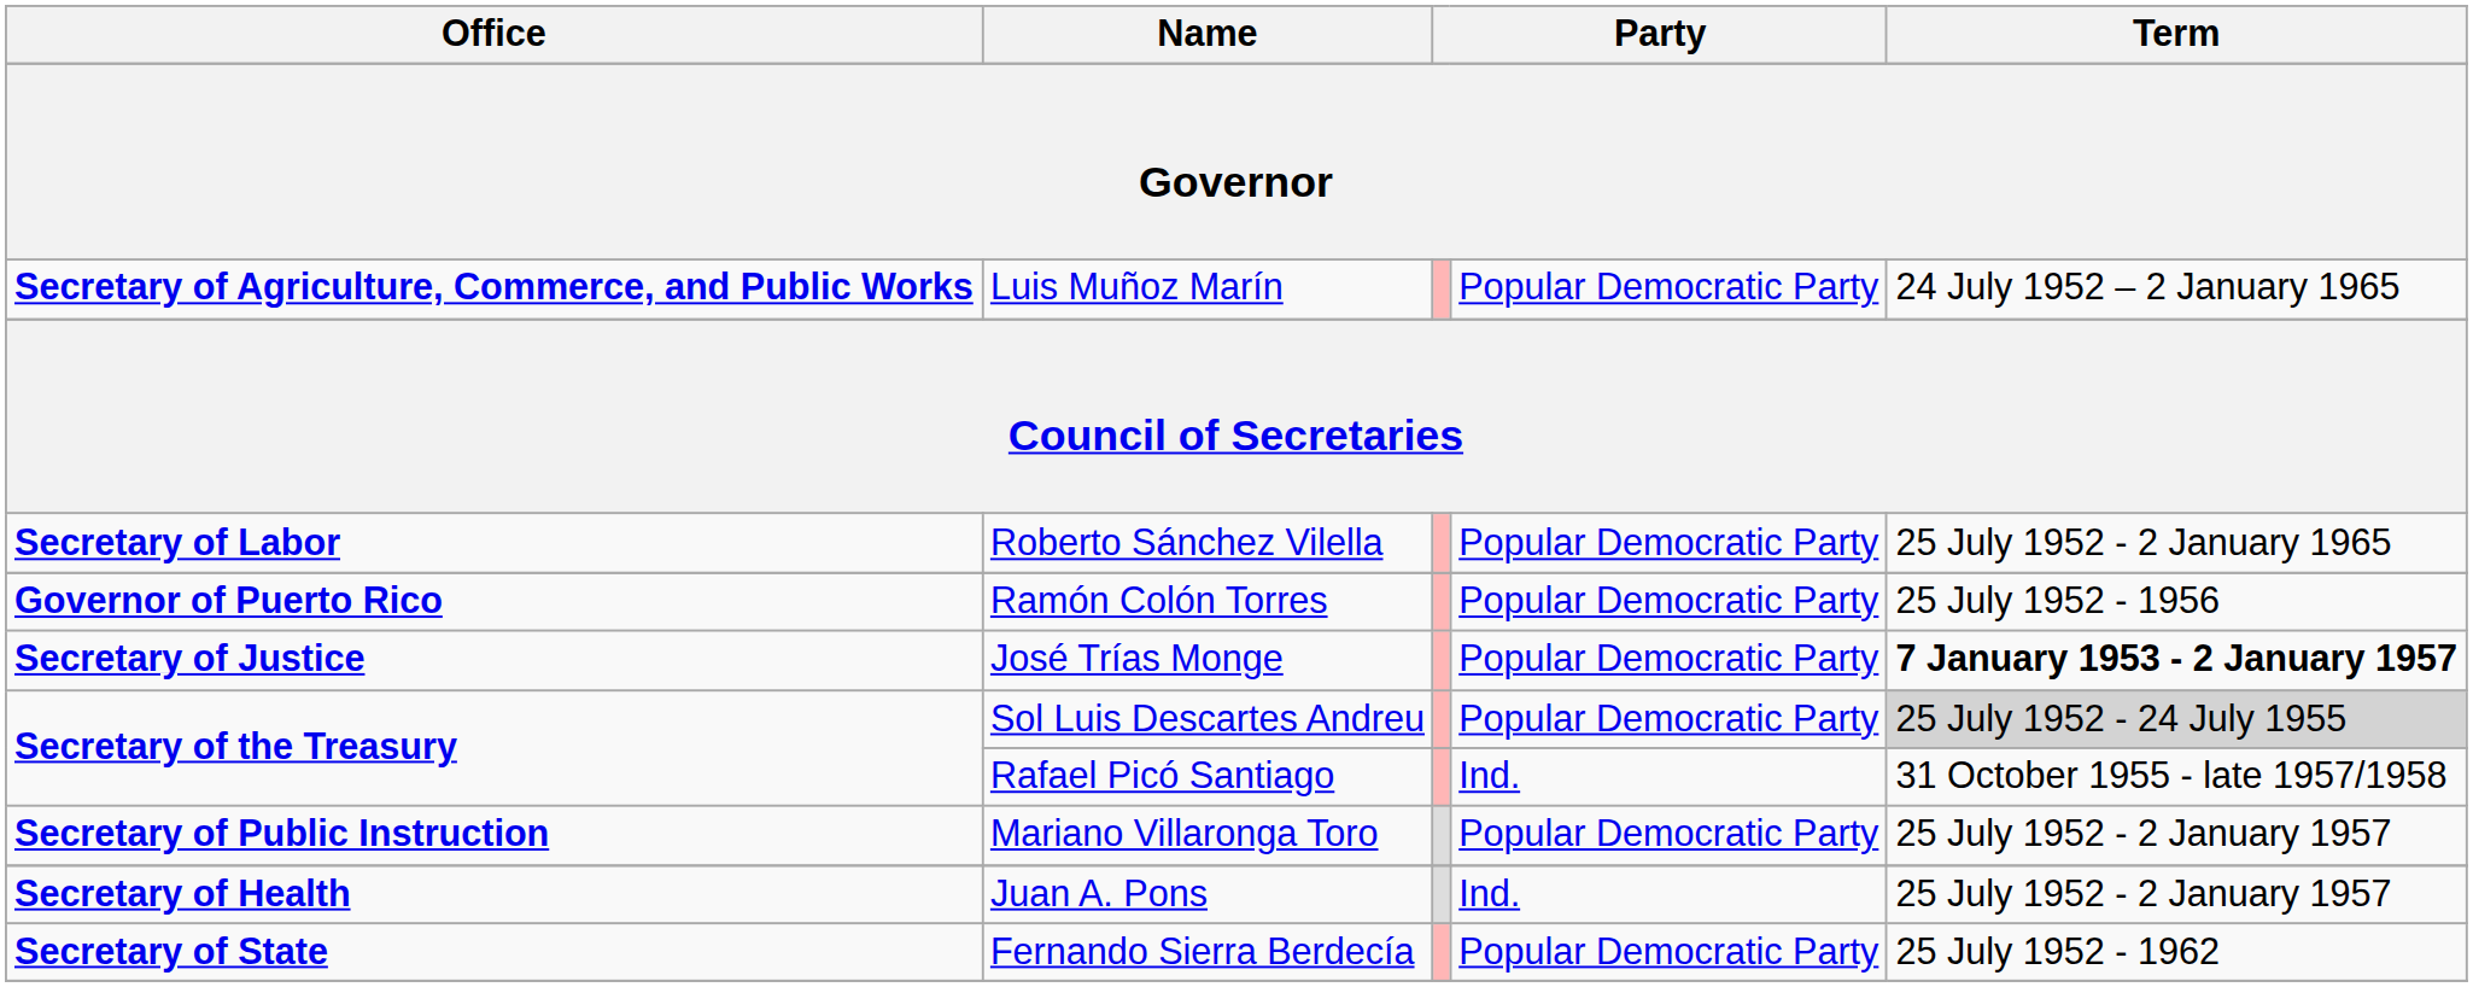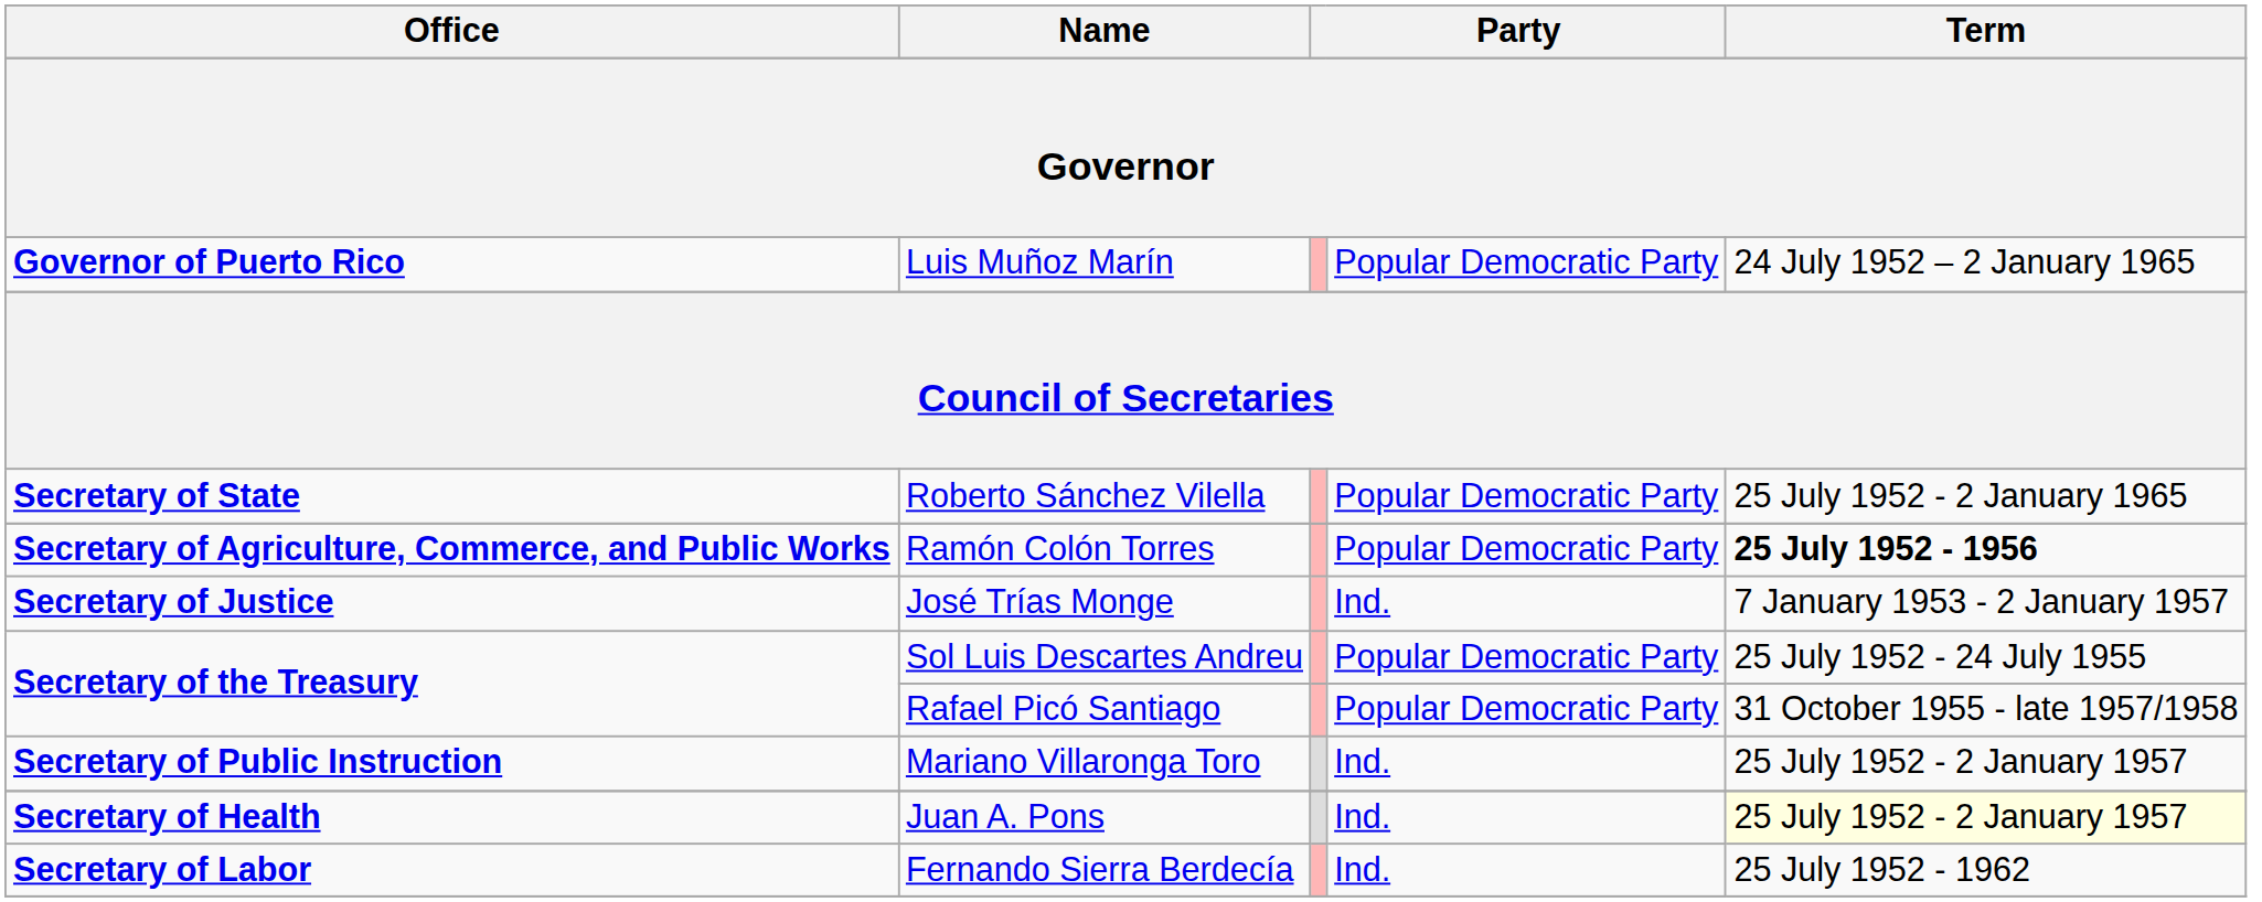 <table class="wikitable">
 <tr>
 <th>Office</th>
 <th>Name</th>
 <th colspan="2">Party</th>
 <th>Term</th>
 </tr>
 <tr>
 </tr>
 <tr>
 <th colspan="9"><br><h3>Governor</h3></th>
 </tr>
 <tr>
-<td rowspan="1"><strong><a href='#'>Secretary of Agriculture, Commerce, and Public Works</a></strong><br></td>
+<td rowspan="1"><strong><a href='#'>Governor of Puerto Rico</a></strong><br></td>
 <td><a href='#'>Luis Muñoz Marín</a></td>
 <td style="background-color:#FFB6B6"></td>
 <td><a href='#'>Popular Democratic Party</a></td>
 <td>24 July 1952 – 2 January 1965</td>
 </tr>
 <tr>
 </tr>
 <tr>
 <th colspan="9"><br><h3><a href='#'>Council of Secretaries</a></h3></th>
 </tr>
 <tr>
-<td rowspan="1"><strong><a href='#'>Secretary of Labor</a></strong><br></td>
+<td rowspan="1"><strong><a href='#'>Secretary of State</a></strong><br></td>
 <td><a href='#'>Roberto Sánchez Vilella</a></td>
 <td style="background-color:#FFB6B6"></td>
 <td><a href='#'>Popular Democratic Party</a></td>
 <td>25 July 1952 - 2 January 1965</td>
 </tr>
 <tr>
 </tr>
 <tr>
-<td rowspan="1"><strong><a href='#'>Governor of Puerto Rico</a></strong><br></td>
+<td rowspan="1"><strong><a href='#'>Secretary of Agriculture, Commerce, and Public Works</a></strong><br></td>
 <td><a href='#'>Ramón Colón Torres</a></td>
 <td style="background-color:#FFB6B6"></td>
 <td><a href='#'>Popular Democratic Party</a></td>
-<td>25 July 1952 - 1956</td>
+<td><strong>25 July 1952 - 1956</strong></td>
 </tr>
 <tr>
 <td rowspan="1"><strong><a href='#'>Secretary of Justice</a></strong><br></td>
 <td><a href='#'>José Trías Monge</a></td>
 <td style="background-color:#FFB6B6"></td>
-<td><a href='#'>Popular Democratic Party</a></td>
-<td><strong>7 January 1953 - 2 January 1957</strong></td>
+<td><a href='#'>Ind.</a></td>
+<td>7 January 1953 - 2 January 1957</td>
 </tr>
 <tr>
 <td rowspan="2"><strong><a href='#'>Secretary of the Treasury</a></strong><br></td>
 <td><a href='#'>Sol Luis Descartes Andreu</a></td>
 <td style="background-color:#FFB6B6"></td>
 <td><a href='#'>Popular Democratic Party</a></td>
-<td style="background: lightgrey;">25 July 1952 - 24 July 1955</td>
+<td>25 July 1952 - 24 July 1955</td>
 </tr>
 <tr>
 <td><a href='#'>Rafael Picó Santiago</a></td>
 <td style="background-color:#FFB6B6"></td>
-<td><a href='#'>Ind.</a></td>
+<td><a href='#'>Popular Democratic Party</a></td>
 <td>31 October 1955 - late 1957/1958</td>
 </tr>
 <tr>
 <td rowspan="1"><strong><a href='#'>Secretary of Public Instruction</a></strong><br></td>
 <td><a href='#'>Mariano Villaronga Toro</a></td>
 <td style="background-color:#DDDDDD"></td>
-<td><a href='#'>Popular Democratic Party</a></td>
+<td><a href='#'>Ind.</a></td>
 <td>25 July 1952 - 2 January 1957</td>
 </tr>
 <tr>
 </tr>
 <tr>
 <td rowspan="1"><strong><a href='#'>Secretary of Health</a></strong><br></td>
 <td><a href='#'>Juan A. Pons</a></td>
 <td style="background-color:#DDDDDD"></td>
 <td><a href='#'>Ind.</a></td>
-<td>25 July 1952 - 2 January 1957</td>
+<td style="background: lightyellow;">25 July 1952 - 2 January 1957</td>
 </tr>
 <tr>
-<td rowspan="1"><strong><a href='#'>Secretary of State</a></strong><br></td>
+<td rowspan="1"><strong><a href='#'>Secretary of Labor</a></strong><br></td>
 <td><a href='#'>Fernando Sierra Berdecía</a></td>
 <td style="background-color:#FFB6B6"></td>
-<td><a href='#'>Popular Democratic Party</a></td>
+<td><a href='#'>Ind.</a></td>
 <td>25 July 1952 - 1962</td>
 </tr>
 <tr>
 </tr>
 </table>
